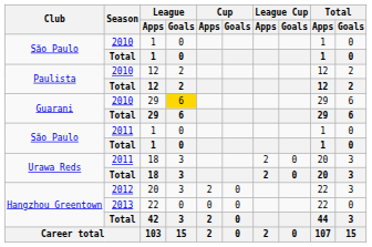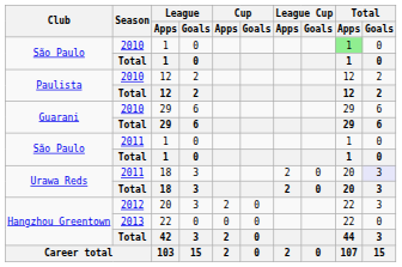 <table class="wikitable" style="font-size:90%; text-align:center;">
 <tr>
 <th rowspan="2">Club</th>
 <th rowspan="2">Season</th>
 <th colspan="2">League</th>
 <th colspan="2">Cup</th>
 <th colspan="2">League Cup</th>
 <th colspan="2">Total</th>
 </tr>
 <tr>
 <th>Apps</th>
 <th>Goals</th>
 <th>Apps</th>
 <th>Goals</th>
 <th>Apps</th>
 <th>Goals</th>
 <th>Apps</th>
 <th>Goals</th>
 </tr>
 <tr>
 <td rowspan="2"><a href='#'>São Paulo</a></td>
 <td><a href='#'>2010</a></td>
 <td>1</td>
 <td>0</td>
 <td></td>
 <td></td>
 <td></td>
 <td></td>
-<td>1</td>
+<td style="background: lightgreen;">1</td>
 <td>0</td>
 </tr>
 <tr>
 <th colspan="1">Total</th>
 <th>1</th>
 <th>0</th>
 <th></th>
 <th></th>
 <th></th>
 <th></th>
 <th>1</th>
 <th>0</th>
 </tr>
 <tr>
 <td rowspan="2"><a href='#'>Paulista</a></td>
 <td><a href='#'>2010</a></td>
 <td>12</td>
 <td>2</td>
 <td></td>
 <td></td>
 <td></td>
 <td></td>
 <td>12</td>
 <td>2</td>
 </tr>
 <tr>
 <th colspan="1">Total</th>
 <th>12</th>
 <th>2</th>
 <th></th>
 <th></th>
 <th></th>
 <th></th>
 <th>12</th>
 <th>2</th>
 </tr>
 <tr>
 <td rowspan="2"><a href='#'>Guarani</a></td>
 <td><a href='#'>2010</a></td>
 <td>29</td>
-<td style="background: gold;">6</td>
+<td>6</td>
 <td></td>
 <td></td>
 <td></td>
 <td></td>
 <td>29</td>
 <td>6</td>
 </tr>
 <tr>
 <th colspan="1">Total</th>
 <th>29</th>
 <th>6</th>
 <th></th>
 <th></th>
 <th></th>
 <th></th>
 <th>29</th>
 <th>6</th>
 </tr>
 <tr>
 <td rowspan="2"><a href='#'>São Paulo</a></td>
 <td><a href='#'>2011</a></td>
 <td>1</td>
 <td>0</td>
 <td></td>
 <td></td>
 <td></td>
 <td></td>
 <td>1</td>
 <td>0</td>
 </tr>
 <tr>
 <th colspan="1">Total</th>
 <th>1</th>
 <th>0</th>
 <th></th>
 <th></th>
 <th></th>
 <th></th>
 <th>1</th>
 <th>0</th>
 </tr>
 <tr>
 <td rowspan="2"><a href='#'>Urawa Reds</a></td>
 <td><a href='#'>2011</a></td>
 <td>18</td>
 <td>3</td>
 <td></td>
 <td></td>
 <td>2</td>
 <td>0</td>
 <td>20</td>
-<td>3</td>
+<td style="background: lavender;">3</td>
 </tr>
 <tr>
 <th colspan="1">Total</th>
 <th>18</th>
 <th>3</th>
 <th></th>
 <th></th>
 <th>2</th>
 <th>0</th>
 <th>20</th>
 <th>3</th>
 </tr>
 <tr>
 <td rowspan="3"><a href='#'>Hangzhou Greentown</a></td>
 <td><a href='#'>2012</a></td>
 <td>20</td>
 <td>3</td>
 <td>2</td>
 <td>0</td>
 <td></td>
 <td></td>
 <td>22</td>
 <td>3</td>
 </tr>
 <tr>
 <td><a href='#'>2013</a></td>
 <td>22</td>
 <td>0</td>
 <td>0</td>
 <td>0</td>
 <td></td>
 <td></td>
 <td>22</td>
 <td>0</td>
 </tr>
 <tr>
 <th colspan="1">Total</th>
 <th>42</th>
 <th>3</th>
 <th>2</th>
 <th>0</th>
 <th></th>
 <th></th>
 <th>44</th>
 <th>3</th>
 </tr>
 <tr>
 <th colspan="2">Career total</th>
 <th>103</th>
 <th>15</th>
 <th>2</th>
 <th>0</th>
 <th>2</th>
 <th>0</th>
 <th>107</th>
 <th>15</th>
 </tr>
 </table>
